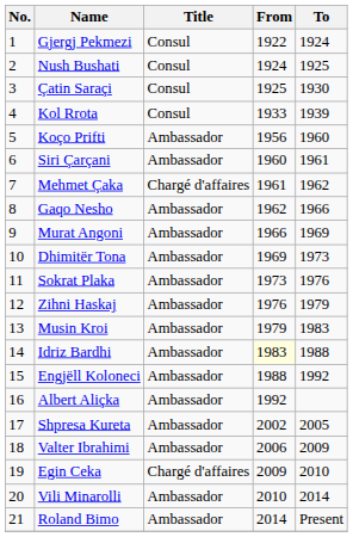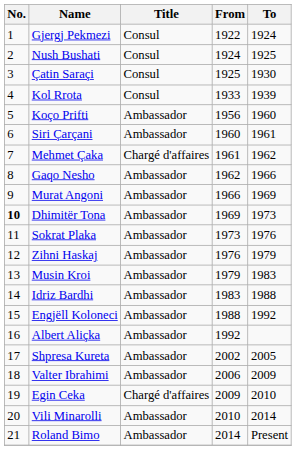 <table class="wikitable">
 <tr>
 <th>No.</th>
 <th>Name</th>
 <th>Title</th>
 <th>From</th>
 <th>To</th>
 </tr>
 <tr>
 <td>1</td>
 <td><a href='#'>Gjergj Pekmezi</a></td>
 <td>Consul</td>
 <td>1922</td>
 <td>1924</td>
 </tr>
 <tr>
 <td>2</td>
 <td><a href='#'>Nush Bushati</a></td>
 <td>Consul</td>
 <td>1924</td>
 <td>1925</td>
 </tr>
 <tr>
 <td>3</td>
 <td><a href='#'>Çatin Saraçi</a></td>
 <td>Consul</td>
 <td>1925</td>
 <td>1930</td>
 </tr>
 <tr>
 <td>4</td>
 <td><a href='#'>Kol Rrota</a></td>
 <td>Consul</td>
 <td>1933</td>
 <td>1939</td>
 </tr>
 <tr>
 <td>5</td>
 <td><a href='#'>Koço Prifti</a></td>
 <td>Ambassador</td>
 <td>1956</td>
 <td>1960</td>
 </tr>
 <tr>
 <td>6</td>
 <td><a href='#'>Siri Çarçani</a></td>
 <td>Ambassador</td>
 <td>1960</td>
 <td>1961</td>
 </tr>
 <tr>
 <td>7</td>
 <td><a href='#'>Mehmet Çaka</a></td>
 <td>Chargé d'affaires</td>
 <td>1961</td>
 <td>1962</td>
 </tr>
 <tr>
 <td>8</td>
 <td><a href='#'>Gaqo Nesho</a></td>
 <td>Ambassador</td>
 <td>1962</td>
 <td>1966</td>
 </tr>
 <tr>
 <td>9</td>
 <td><a href='#'>Murat Angoni</a></td>
 <td>Ambassador</td>
 <td>1966</td>
 <td>1969</td>
 </tr>
 <tr>
-<td>10</td>
+<td><strong>10</strong></td>
 <td><a href='#'>Dhimitër Tona</a></td>
 <td>Ambassador</td>
 <td>1969</td>
 <td>1973</td>
 </tr>
 <tr>
 <td>11</td>
 <td><a href='#'>Sokrat Plaka</a></td>
 <td>Ambassador</td>
 <td>1973</td>
 <td>1976</td>
 </tr>
 <tr>
 <td>12</td>
 <td><a href='#'>Zihni Haskaj</a></td>
 <td>Ambassador</td>
 <td>1976</td>
 <td>1979</td>
 </tr>
 <tr>
 <td>13</td>
 <td><a href='#'>Musin Kroi</a></td>
 <td>Ambassador</td>
 <td>1979</td>
 <td>1983</td>
 </tr>
 <tr>
 <td>14</td>
 <td><a href='#'>Idriz Bardhi</a></td>
 <td>Ambassador</td>
-<td style="background: lightyellow;">1983</td>
+<td>1983</td>
 <td>1988</td>
 </tr>
 <tr>
 <td>15</td>
 <td><a href='#'>Engjëll Koloneci</a></td>
 <td>Ambassador</td>
 <td>1988</td>
 <td>1992</td>
 </tr>
 <tr>
 <td>16</td>
 <td><a href='#'>Albert Aliçka</a></td>
 <td>Ambassador</td>
 <td>1992</td>
 <td></td>
 </tr>
 <tr>
 <td>17</td>
 <td><a href='#'>Shpresa Kureta</a></td>
 <td>Ambassador</td>
 <td>2002</td>
 <td>2005</td>
 </tr>
 <tr>
 <td>18</td>
 <td><a href='#'>Valter Ibrahimi</a></td>
 <td>Ambassador</td>
 <td>2006</td>
 <td>2009</td>
 </tr>
 <tr>
 <td>19</td>
 <td><a href='#'>Egin Ceka</a></td>
 <td>Chargé d'affaires</td>
 <td>2009</td>
 <td>2010</td>
 </tr>
 <tr>
 <td>20</td>
 <td><a href='#'>Vili Minarolli</a></td>
 <td>Ambassador</td>
 <td>2010</td>
 <td>2014</td>
 </tr>
 <tr>
 <td>21</td>
 <td><a href='#'>Roland Bimo</a></td>
 <td>Ambassador</td>
 <td>2014</td>
 <td>Present</td>
 </tr>
 <tr>
 </tr>
 </table>
